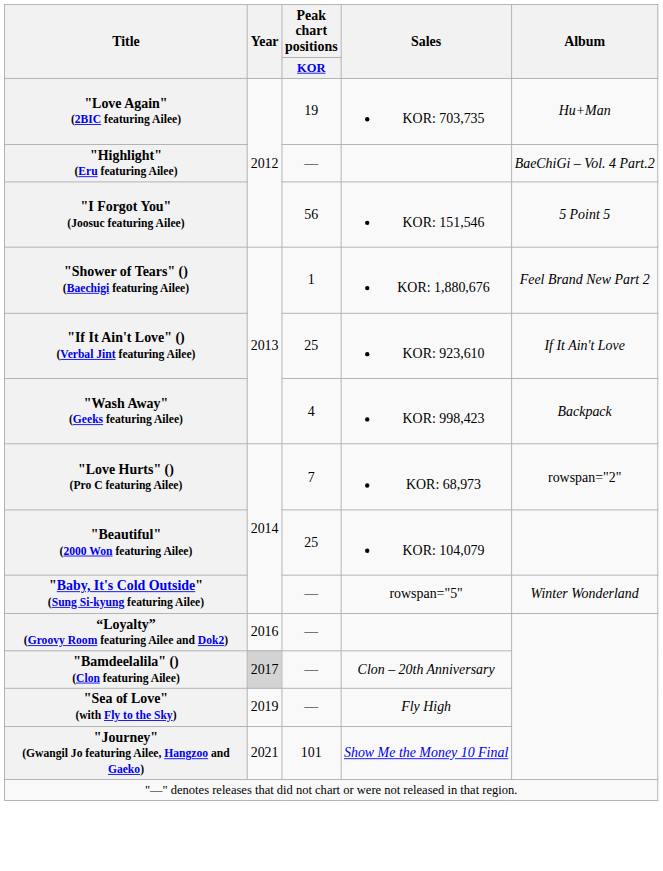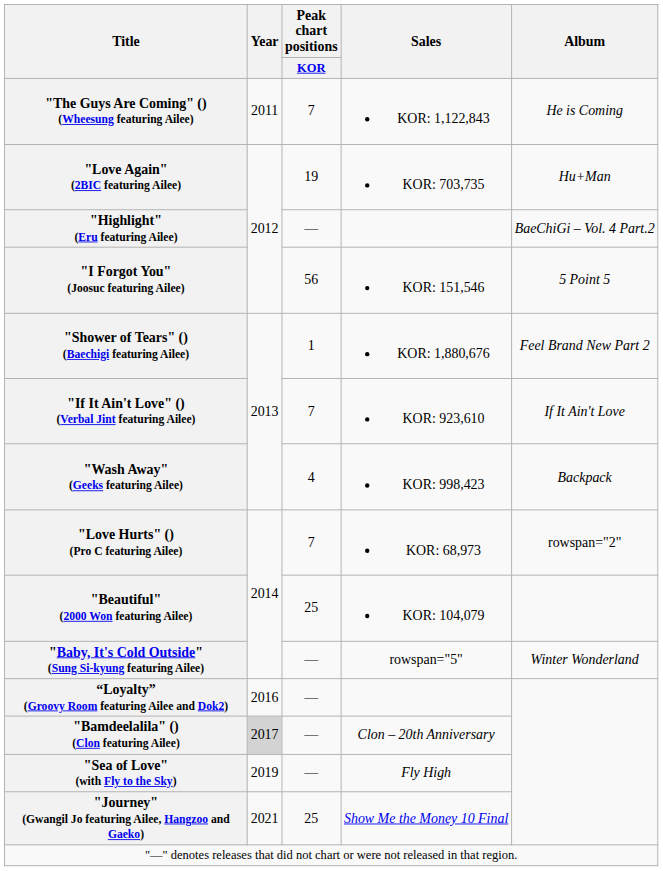 <table class="wikitable plainrowheaders" style="text-align:center;">
 <tr>
 <th scope="col" rowspan="2" style="width:17em;">Title</th>
 <th scope="col" rowspan="2">Year</th>
 <th scope="col" colspan="1">Peak chart positions</th>
 <th scope="col" rowspan="2">Sales</th>
 <th scope="col" rowspan="2">Album</th>
 </tr>
 <tr>
 <th scope="col" style="width:3em;font-size:90%;"><a href='#'>KOR</a><br></th>
+</tr>
+<tr>
+<th scope="row">"The Guys Are Coming" ()<br><small>(<a href='#'>Wheesung</a> featuring Ailee)</small></th>
+<td>2011</td>
+<td>7</td>
+<td><br><ul><li>KOR: 1,122,843</li></ul></td>
+<td><em>He is Coming</em></td>
 </tr>
 <tr>
 <th scope="row">"Love Again"<br><small>(<a href='#'>2BIC</a> featuring Ailee)</small></th>
 <td rowspan="3">2012</td>
 <td>19</td>
 <td><br><ul><li>KOR: 703,735</li></ul></td>
 <td><em>Hu+Man</em></td>
 </tr>
 <tr>
 <th scope="row">"Highlight"<br><small>(<a href='#'>Eru</a> featuring Ailee)</small></th>
 <td>—</td>
 <td></td>
 <td><em>BaeChiGi – Vol. 4 Part.2</em></td>
 </tr>
 <tr>
 <th scope="row">"I Forgot You"<br><small>(Joosuc featuring Ailee)</small></th>
 <td>56</td>
 <td><br><ul><li>KOR: 151,546</li></ul></td>
 <td><em>5 Point 5</em></td>
 </tr>
 <tr>
 <th scope="row">"Shower of Tears" ()<br><small>(<a href='#'>Baechigi</a> featuring Ailee)</small></th>
 <td rowspan="3">2013</td>
 <td>1</td>
 <td><br><ul><li>KOR: 1,880,676</li></ul></td>
 <td><em>Feel Brand New Part 2</em></td>
 </tr>
 <tr>
 <th scope="row">"If It Ain't Love" ()<br><small>(<a href='#'>Verbal Jint</a> featuring Ailee)</small></th>
-<td>25</td>
+<td>7</td>
 <td><br><ul><li>KOR: 923,610</li></ul></td>
 <td><em>If It Ain't Love</em></td>
 </tr>
 <tr>
 <th scope="row">"Wash Away"<br><small>(<a href='#'>Geeks</a> featuring Ailee)</small></th>
 <td>4</td>
 <td><br><ul><li>KOR: 998,423</li></ul></td>
 <td><em>Backpack</em></td>
 </tr>
 <tr>
 <th scope="row">"Love Hurts" ()<br><small>(Pro C featuring Ailee)</small></th>
 <td rowspan="3">2014</td>
 <td>7</td>
 <td><br><ul><li>KOR: 68,973</li></ul></td>
 <td>rowspan="2" </td>
 </tr>
 <tr>
 <th scope="row">"Beautiful"<br><small>(<a href='#'>2000 Won</a> featuring Ailee)</small></th>
 <td>25</td>
 <td><br><ul><li>KOR: 104,079</li></ul></td>
 </tr>
 <tr>
 <th scope="row">"<a href='#'>Baby, It's Cold Outside</a>"<br><small>(<a href='#'>Sung Si-kyung</a> featuring Ailee)</small></th>
 <td>—</td>
 <td>rowspan="5" </td>
 <td><em>Winter Wonderland</em></td>
 </tr>
 <tr>
 <th scope="row">“Loyalty”<br><small>(<a href='#'>Groovy Room</a> featuring Ailee and <a href='#'>Dok2</a>)</small></th>
 <td>2016</td>
 <td>—</td>
 <td></td>
 </tr>
 <tr>
 <th scope="row">"Bamdeelalila" ()<br><small>(<a href='#'>Clon</a> featuring Ailee)</small></th>
 <td style="background: lightgrey;">2017</td>
 <td>—</td>
 <td><em>Clon – 20th Anniversary</em></td>
 </tr>
 <tr>
 <th scope="row">"Sea of Love"<br><small>(with <a href='#'>Fly to the Sky</a>)</small></th>
 <td>2019</td>
 <td>—</td>
 <td><em>Fly High</em></td>
 </tr>
 <tr>
 <th scope="row">"Journey"<br><small>(Gwangil Jo featuring Ailee, <a href='#'>Hangzoo</a> and <a href='#'>Gaeko</a>)</small></th>
 <td>2021</td>
-<td>101</td>
+<td>25</td>
 <td><em><a href='#'>Show Me the Money 10 Final</a></em></td>
 </tr>
 <tr>
 <td colspan="5" style="font-size:90%">"—" denotes releases that did not chart or were not released in that region.</td>
 </tr>
 </table>
